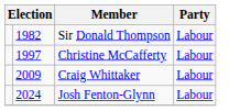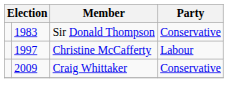 <table class="wikitable">
 <tr>
 <th colspan="2">Election</th>
 <th>Member</th>
 <th>Party</th>
 </tr>
 <tr>
 <td style="color:inherit;background-color: "></td>
-<td><a href='#'>1982</a></td>
+<td><a href='#'>1983</a></td>
 <td>Sir <a href='#'>Donald Thompson</a></td>
-<td><a href='#'>Labour</a></td>
+<td><a href='#'>Conservative</a></td>
 </tr>
 <tr>
 <td style="color:inherit;background-color: "></td>
 <td><a href='#'>1997</a></td>
 <td><a href='#'>Christine McCafferty</a></td>
 <td><a href='#'>Labour</a></td>
 </tr>
 <tr>
 <td style="color:inherit;background-color: "></td>
 <td><a href='#'>2009</a></td>
 <td><a href='#'>Craig Whittaker</a></td>
-<td><a href='#'>Labour</a></td>
-</tr>
-<tr>
-<td style="color:inherit;background-color: "></td>
-<td><a href='#'>2024</a></td>
-<td><a href='#'>Josh Fenton-Glynn</a></td>
-<td><a href='#'>Labour</a></td>
+<td><a href='#'>Conservative</a></td>
 </tr>
 <tr>
 </tr>
 </table>
